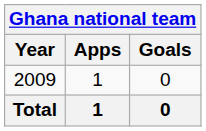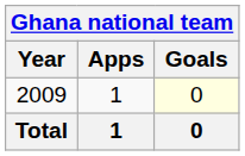 <table class="wikitable" style="text-align:center">
 <tr>
 <th colspan=3><a href='#'>Ghana national team</a></th>
 </tr>
 <tr>
 <th>Year</th>
 <th>Apps</th>
 <th>Goals</th>
 </tr>
 <tr>
 <td>2009</td>
 <td>1</td>
-<td>0</td>
+<td style="background: lightyellow;">0</td>
 </tr>
 <tr>
 <th>Total</th>
 <th>1</th>
 <th>0</th>
 </tr>
 </table>
